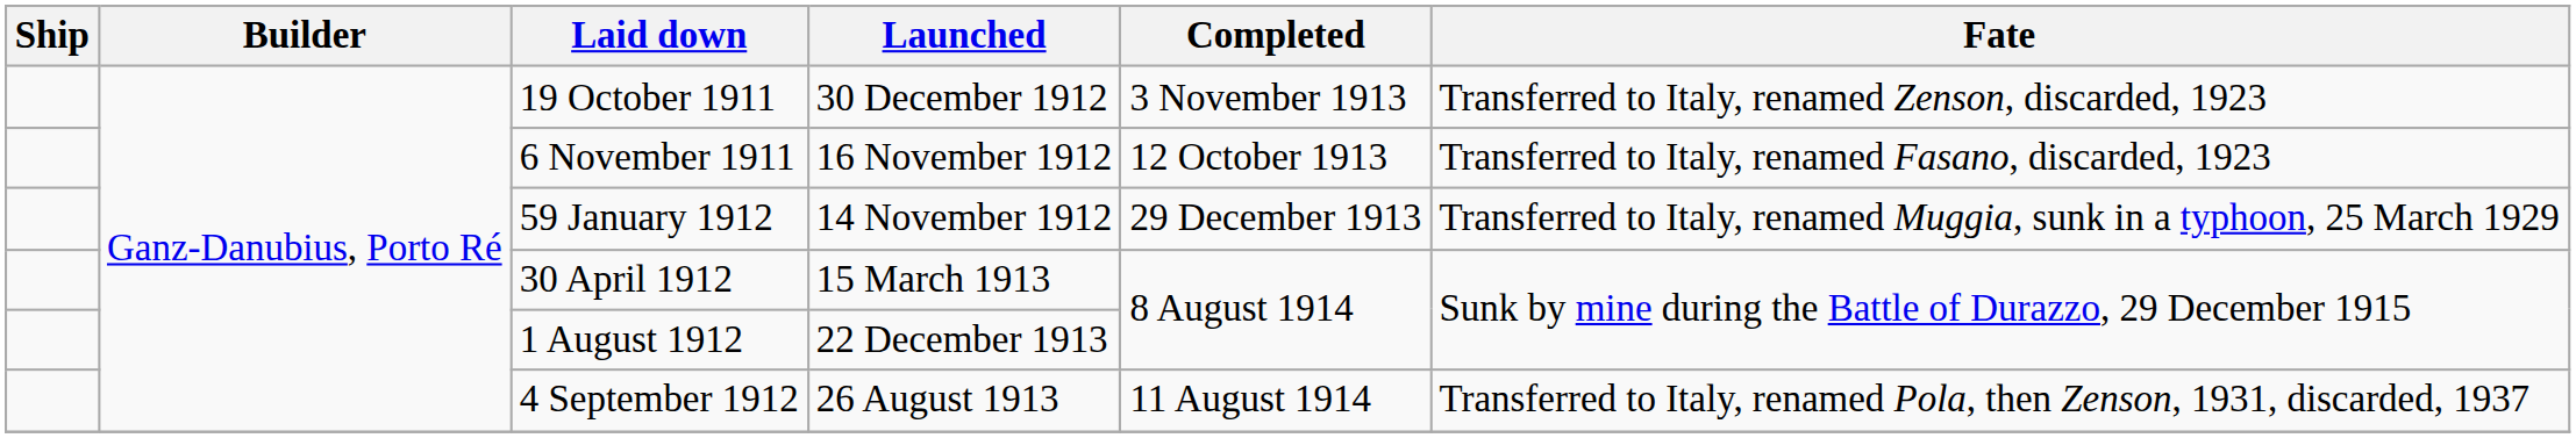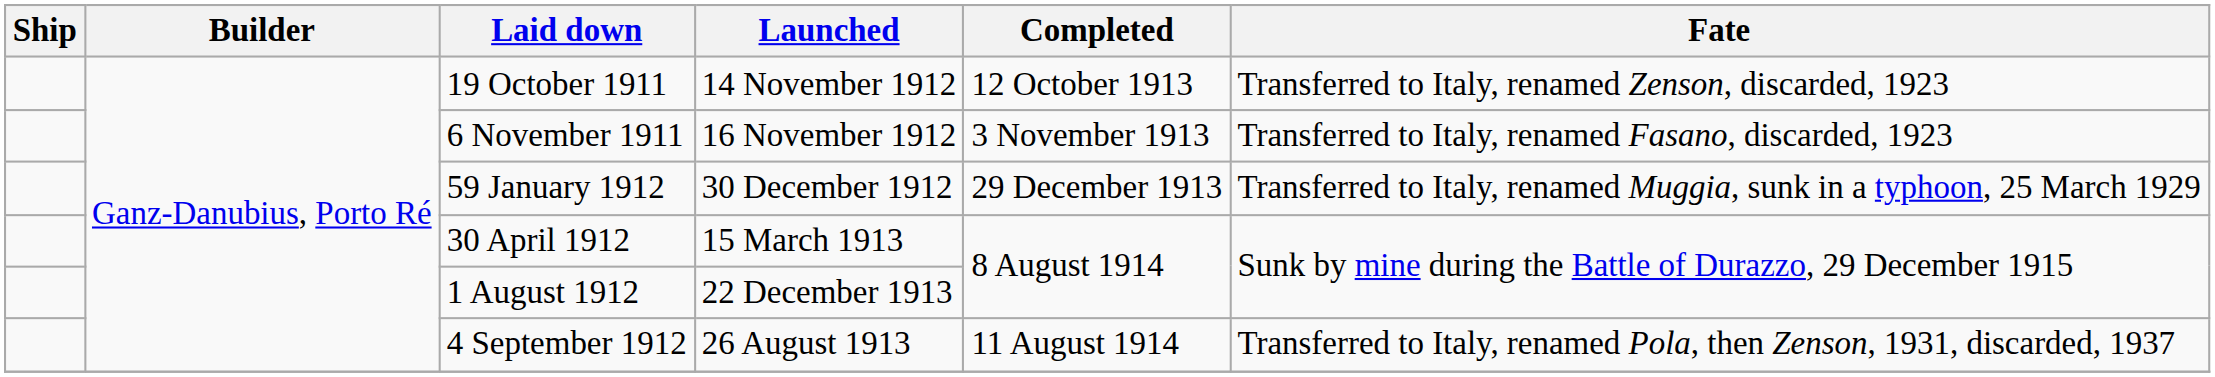 <table class="wikitable plainrowheaders">
 <tr>
 <th scope="col”">Ship</th>
 <th scope="col”">Builder</th>
 <th scope="col”"><a href='#'>Laid down</a></th>
 <th scope="col”"><a href='#'>Launched</a></th>
 <th scope="col”">Completed</th>
 <th scope="col”">Fate</th>
 </tr>
 <tr>
 <td scope="row”"></td>
 <td scope="rowgroup" rowspan="6"><a href='#'>Ganz-Danubius</a>, <a href='#'>Porto Ré</a></td>
 <td>19 October 1911</td>
-<td>30 December 1912</td>
-<td>3 November 1913</td>
+<td>14 November 1912</td>
+<td>12 October 1913</td>
 <td>Transferred to Italy, renamed <em>Zenson</em>, discarded, 1923</td>
 </tr>
 <tr>
 <td scope="row”"></td>
 <td>6 November 1911</td>
 <td>16 November 1912</td>
-<td>12 October 1913</td>
+<td>3 November 1913</td>
 <td>Transferred to Italy, renamed <em>Fasano</em>, discarded, 1923</td>
 </tr>
 <tr>
 <td scope="row”"></td>
 <td>59 January 1912</td>
-<td>14 November 1912</td>
+<td>30 December 1912</td>
 <td>29 December 1913</td>
 <td>Transferred to Italy, renamed <em>Muggia</em>, sunk in a <a href='#'>typhoon</a>, 25 March 1929</td>
 </tr>
 <tr>
 <td scope="row”"></td>
 <td>30 April 1912</td>
 <td>15 March 1913</td>
 <td scope="rowgroup" rowspan="2">8 August 1914</td>
 <td scope="rowgroup" rowspan="2">Sunk by <a href='#'>mine</a> during the <a href='#'>Battle of Durazzo</a>, 29 December 1915</td>
 </tr>
 <tr>
 <td scope="row”"></td>
 <td>1 August 1912</td>
 <td>22 December 1913</td>
 </tr>
 <tr>
 <td scope="row”"></td>
 <td>4 September 1912</td>
 <td>26 August 1913</td>
 <td>11 August 1914</td>
 <td>Transferred to Italy, renamed <em>Pola</em>, then <em>Zenson</em>, 1931, discarded, 1937</td>
 </tr>
 <tr>
 </tr>
 </table>
